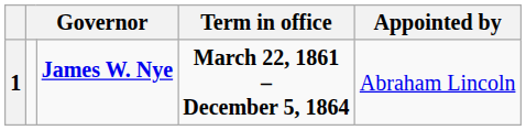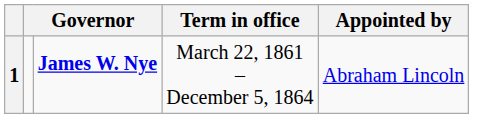 <table class="wikitable" style="text-align:center;">
 <tr>
 <th scope="col" data-sort-type="number"></th>
 <th scope="colgroup" colspan="2">Governor</th>
 <th scope="col">Term in office</th>
 <th scope="col">Appointed by</th>
 </tr>
 <tr style="height:2em;">
 <th scope="row">1</th>
 <td></td>
 <td><strong><a href='#'>James W. Nye</a></strong><br><br></td>
-<td><strong>March 22, 1861<br>–<br>December 5, 1864<br></strong></td>
+<td>March 22, 1861<br>–<br>December 5, 1864<br></td>
 <td><a href='#'>Abraham Lincoln</a></td>
 </tr>
 </table>
